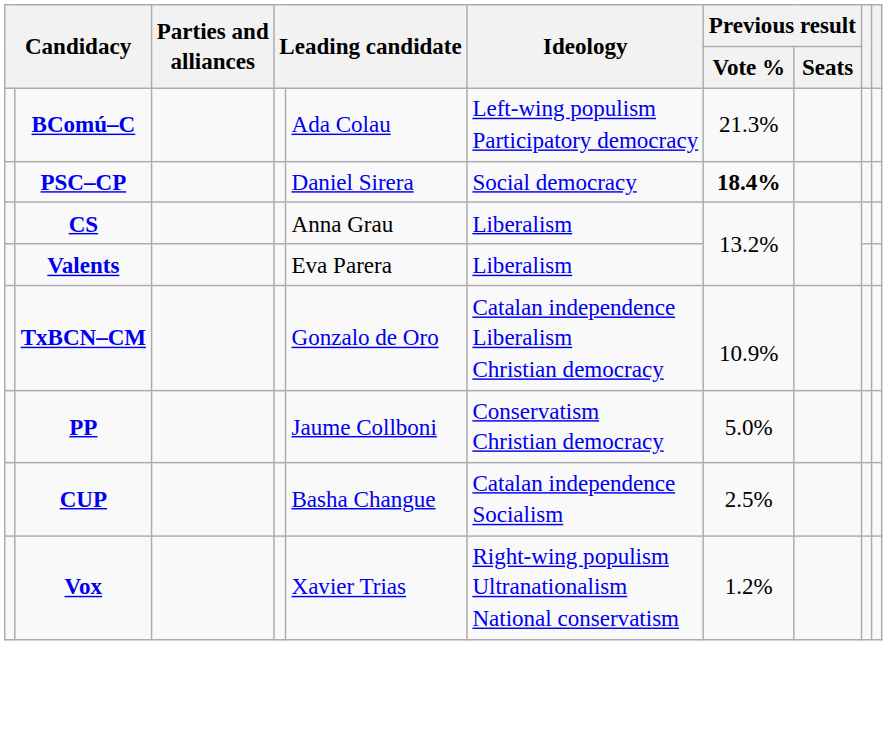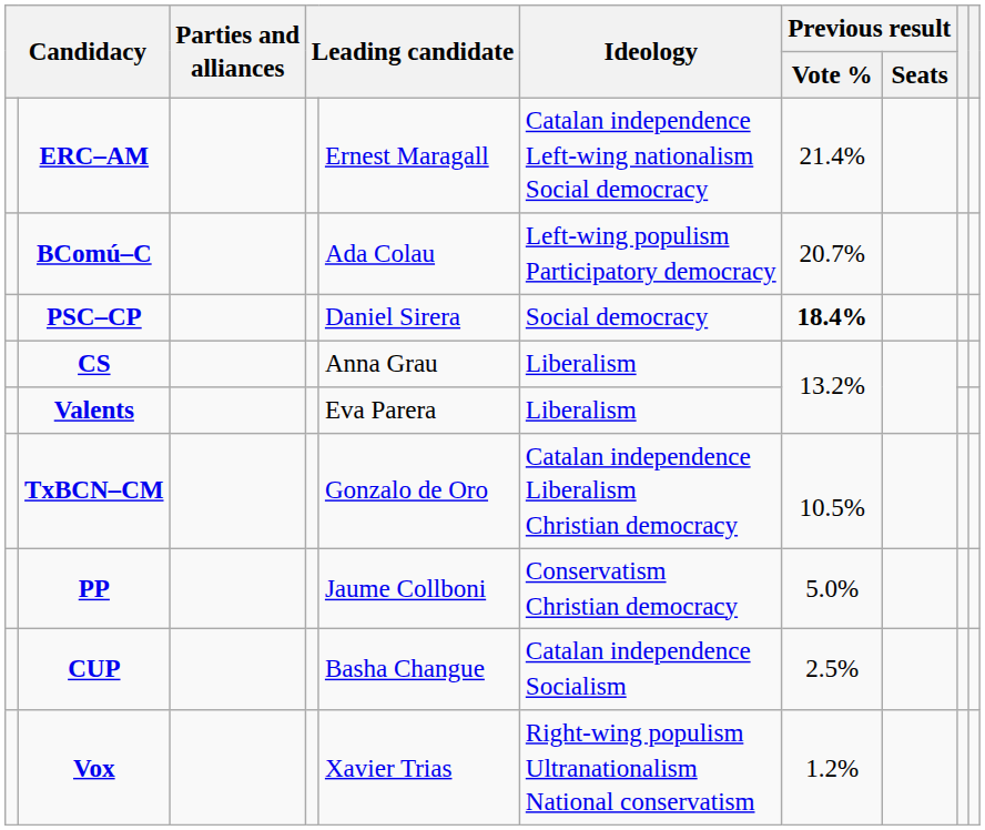 <table class="wikitable" style="line-height:1.35em; text-align:left;">
 <tr>
 <th colspan="2" rowspan="2">Candidacy</th>
 <th rowspan="2">Parties and<br>alliances</th>
 <th colspan="2" rowspan="2">Leading candidate</th>
 <th rowspan="2">Ideology</th>
 <th colspan="2">Previous result</th>
 <th rowspan="2"></th>
 <th rowspan="2"></th>
 </tr>
 <tr>
 <th>Vote %</th>
 <th>Seats</th>
 </tr>
 <tr>
+<td width="1" style="color:inherit;background:"></td>
+<td align="center"><strong><a href='#'>ERC–AM</a></strong></td>
+<td></td>
+<td></td>
+<td><a href='#'>Ernest Maragall</a></td>
+<td><a href='#'>Catalan independence</a><br><a href='#'>Left-wing nationalism</a><br><a href='#'>Social democracy</a></td>
+<td align="center">21.4%</td>
+<td></td>
+<td></td>
+<td></td>
+</tr>
+<tr>
 <td style="color:inherit;background:"></td>
 <td align="center"><strong><a href='#'>BComú–C</a></strong></td>
 <td></td>
 <td></td>
 <td><a href='#'>Ada Colau</a></td>
 <td><a href='#'>Left-wing populism</a><br><a href='#'>Participatory democracy</a></td>
-<td align="center">21.3%</td>
+<td align="center">20.7%</td>
 <td></td>
 <td></td>
 <td><br></td>
 </tr>
 <tr>
 <td style="color:inherit;background:"></td>
 <td align="center"><strong><a href='#'>PSC–CP</a></strong></td>
 <td></td>
 <td></td>
 <td><a href='#'>Daniel Sirera</a></td>
 <td><a href='#'>Social democracy</a></td>
 <td align="center"><strong>18.4%</strong></td>
 <td></td>
 <td></td>
 <td><br></td>
 </tr>
 <tr>
 <td style="color:inherit;background:"></td>
 <td align="center"><strong><a href='#'>CS</a></strong></td>
 <td></td>
 <td></td>
 <td>Anna Grau</td>
 <td><a href='#'>Liberalism</a></td>
 <td rowspan="2" align="center">13.2%</td>
 <td rowspan="2"></td>
 <td></td>
 <td><br></td>
 </tr>
 <tr>
 <td style="color:inherit;background:"></td>
 <td align="center"><strong><a href='#'>Valents</a></strong></td>
 <td></td>
 <td></td>
 <td>Eva Parera</td>
 <td><a href='#'>Liberalism</a></td>
 <td></td>
 <td><br></td>
 </tr>
 <tr>
 <td style="color:inherit;background:"></td>
 <td align="center"><strong><a href='#'>TxBCN–CM</a></strong></td>
 <td></td>
 <td></td>
 <td><a href='#'>Gonzalo de Oro</a></td>
 <td><a href='#'>Catalan independence</a><br><a href='#'>Liberalism</a><br><a href='#'>Christian democracy</a></td>
-<td align="center"><br>10.9%<br></td>
+<td align="center"><br>10.5%<br></td>
 <td></td>
 <td></td>
 <td><br><br></td>
 </tr>
 <tr>
 <td style="color:inherit;background:"></td>
 <td align="center"><strong><a href='#'>PP</a></strong></td>
 <td></td>
 <td></td>
 <td><a href='#'>Jaume Collboni</a></td>
 <td><a href='#'>Conservatism</a><br><a href='#'>Christian democracy</a></td>
 <td align="center">5.0%</td>
 <td></td>
 <td></td>
 <td><br></td>
 </tr>
 <tr>
 <td style="color:inherit;background:"></td>
 <td align="center"><strong><a href='#'>CUP</a></strong></td>
 <td></td>
 <td></td>
 <td><a href='#'>Basha Changue</a></td>
 <td><a href='#'>Catalan independence</a><br><a href='#'>Socialism</a></td>
 <td align="center">2.5%</td>
 <td></td>
 <td></td>
 <td></td>
 </tr>
 <tr>
 <td style="color:inherit;background:"></td>
 <td align="center"><strong><a href='#'>Vox</a></strong></td>
 <td></td>
 <td></td>
 <td><a href='#'>Xavier Trias</a></td>
 <td><a href='#'>Right-wing populism</a><br><a href='#'>Ultranationalism</a><br><a href='#'>National conservatism</a></td>
 <td align="center">1.2%</td>
 <td></td>
 <td></td>
 <td></td>
 </tr>
 </table>
